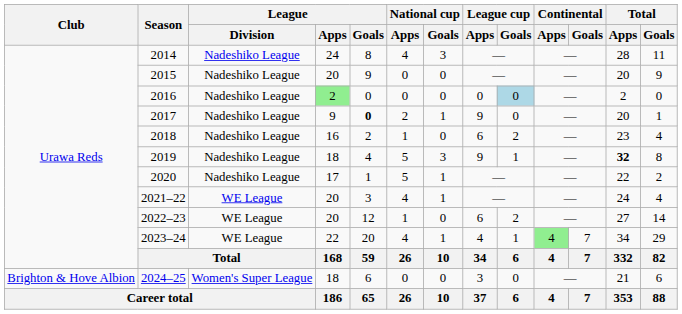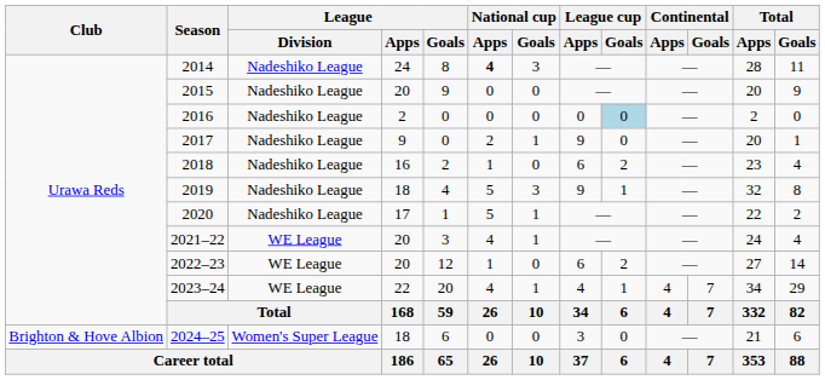 <table class="wikitable" style="text-align:center">
 <tr>
 <th rowspan="2">Club</th>
 <th rowspan="2">Season</th>
 <th colspan="3">League</th>
 <th colspan="2">National cup</th>
 <th colspan="2">League cup</th>
 <th colspan="2">Continental</th>
 <th colspan="2">Total</th>
 </tr>
 <tr>
 <th>Division</th>
 <th>Apps</th>
 <th>Goals</th>
 <th>Apps</th>
 <th>Goals</th>
 <th>Apps</th>
 <th>Goals</th>
 <th>Apps</th>
 <th>Goals</th>
 <th>Apps</th>
 <th>Goals</th>
 </tr>
 <tr>
 <td rowspan="11"><a href='#'>Urawa Reds</a></td>
 <td>2014</td>
 <td><a href='#'>Nadeshiko League</a></td>
 <td>24</td>
 <td>8</td>
-<td>4</td>
+<td><strong>4</strong></td>
 <td>3</td>
 <td colspan="2">—</td>
 <td colspan="2">—</td>
 <td>28</td>
 <td>11</td>
 </tr>
 <tr>
 <td>2015</td>
 <td>Nadeshiko League</td>
 <td>20</td>
 <td>9</td>
 <td>0</td>
 <td>0</td>
 <td colspan="2">—</td>
 <td colspan="2">—</td>
 <td>20</td>
 <td>9</td>
 </tr>
 <tr>
 <td>2016</td>
 <td>Nadeshiko League</td>
-<td style="background: lightgreen;">2</td>
+<td>2</td>
 <td>0</td>
 <td>0</td>
 <td>0</td>
 <td>0</td>
 <td style="background: lightblue;">0</td>
 <td colspan="2">—</td>
 <td>2</td>
 <td>0</td>
 </tr>
 <tr>
 <td>2017</td>
 <td>Nadeshiko League</td>
 <td>9</td>
-<td><strong>0</strong></td>
+<td>0</td>
 <td>2</td>
 <td>1</td>
 <td>9</td>
 <td>0</td>
 <td colspan="2">—</td>
 <td>20</td>
 <td>1</td>
 </tr>
 <tr>
 <td>2018</td>
 <td>Nadeshiko League</td>
 <td>16</td>
 <td>2</td>
 <td>1</td>
 <td>0</td>
 <td>6</td>
 <td>2</td>
 <td colspan="2">—</td>
 <td>23</td>
 <td>4</td>
 </tr>
 <tr>
 <td>2019</td>
 <td>Nadeshiko League</td>
 <td>18</td>
 <td>4</td>
 <td>5</td>
 <td>3</td>
 <td>9</td>
 <td>1</td>
 <td colspan="2">—</td>
-<td><strong>32</strong></td>
+<td>32</td>
 <td>8</td>
 </tr>
 <tr>
 <td>2020</td>
 <td>Nadeshiko League</td>
 <td>17</td>
 <td>1</td>
 <td>5</td>
 <td>1</td>
 <td colspan="2">—</td>
 <td colspan="2">—</td>
 <td>22</td>
 <td>2</td>
 </tr>
 <tr>
 <td>2021–22</td>
 <td><a href='#'>WE League</a></td>
 <td>20</td>
 <td>3</td>
 <td>4</td>
 <td>1</td>
 <td colspan="2">—</td>
 <td colspan="2">—</td>
 <td>24</td>
 <td>4</td>
 </tr>
 <tr>
 <td>2022–23</td>
 <td>WE League</td>
 <td>20</td>
 <td>12</td>
 <td>1</td>
 <td>0</td>
 <td>6</td>
 <td>2</td>
 <td colspan="2">—</td>
 <td>27</td>
 <td>14</td>
 </tr>
 <tr>
 <td>2023–24</td>
 <td>WE League</td>
 <td>22</td>
 <td>20</td>
 <td>4</td>
 <td>1</td>
 <td>4</td>
 <td>1</td>
-<td style="background: lightgreen;">4</td>
+<td>4</td>
 <td>7</td>
 <td>34</td>
 <td>29</td>
 </tr>
 <tr>
 <th colspan="2">Total</th>
 <th>168</th>
 <th>59</th>
 <th>26</th>
 <th>10</th>
 <th>34</th>
 <th>6</th>
 <th>4</th>
 <th>7</th>
 <th>332</th>
 <th>82</th>
 </tr>
 <tr>
 <td><a href='#'>Brighton & Hove Albion</a></td>
 <td><a href='#'>2024–25</a></td>
 <td><a href='#'>Women's Super League</a></td>
 <td>18</td>
 <td>6</td>
 <td>0</td>
 <td>0</td>
 <td>3</td>
 <td>0</td>
 <td colspan="2">—</td>
 <td>21</td>
 <td>6</td>
 </tr>
 <tr>
 <th colspan="3">Career total</th>
 <th>186</th>
 <th>65</th>
 <th>26</th>
 <th>10</th>
 <th>37</th>
 <th>6</th>
 <th>4</th>
 <th>7</th>
 <th>353</th>
 <th>88</th>
 </tr>
 </table>
